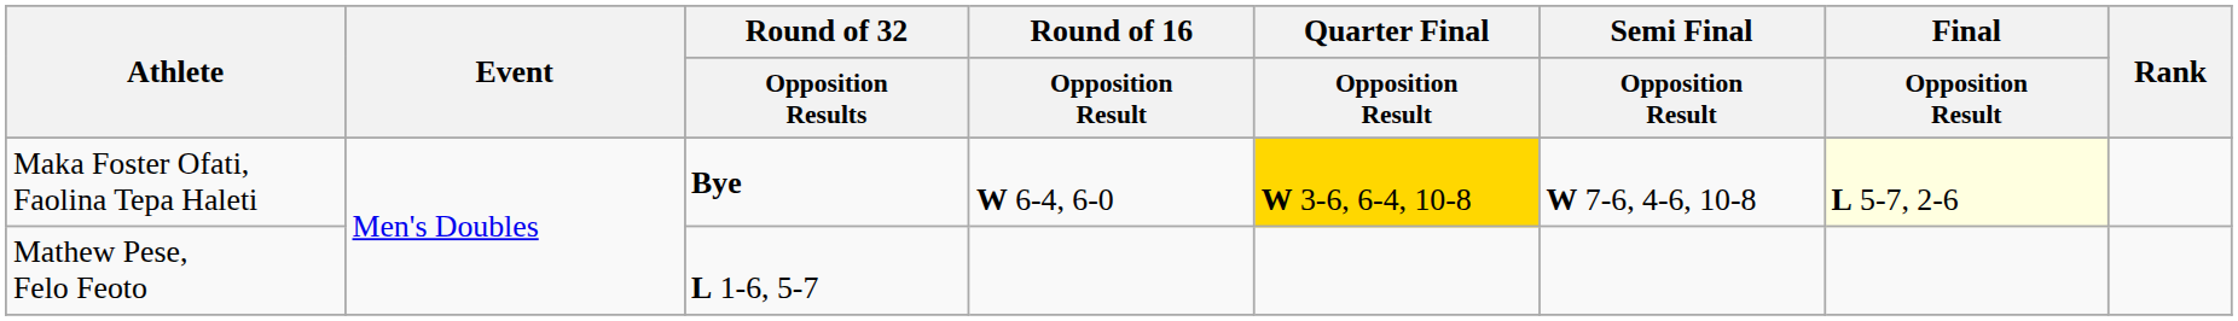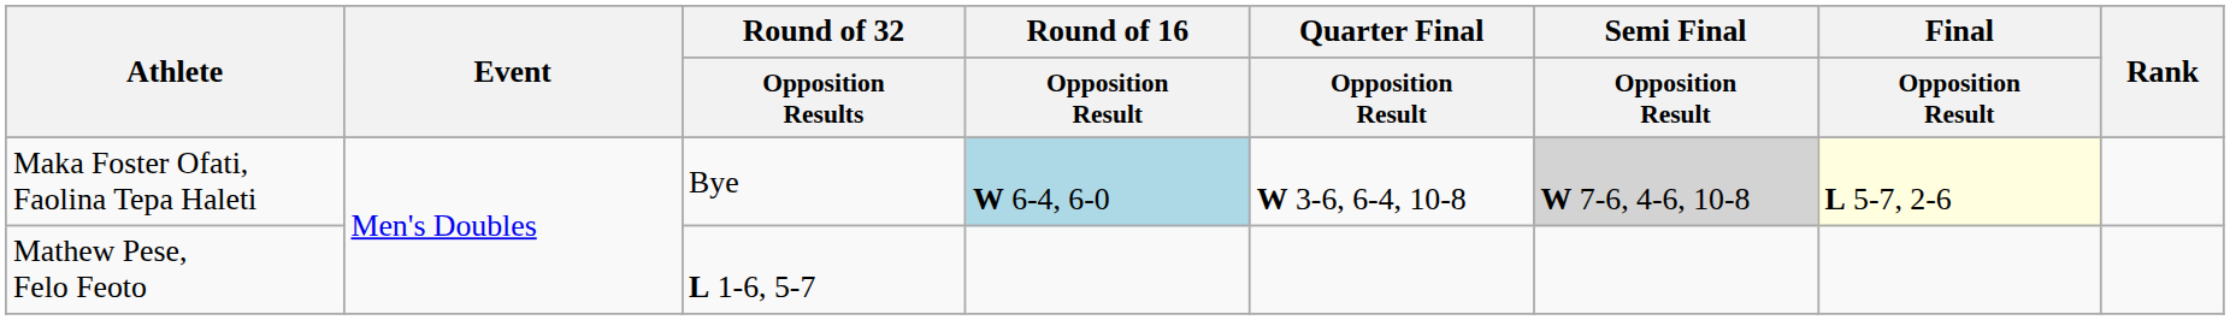 <table class=wikitable style="font-size:90%">
 <tr>
 <th rowspan="2" width=150>Athlete</th>
 <th rowspan="2" width=150>Event</th>
 <th width=125>Round of 32</th>
 <th width=125>Round of 16</th>
 <th width=125>Quarter Final</th>
 <th width=125>Semi Final</th>
 <th width=125>Final</th>
 <th rowspan="2" width=50>Rank</th>
 </tr>
 <tr>
 <th style="line-height:1em"><small>Opposition<br>Results</small></th>
 <th style="line-height:1em"><small>Opposition<br>Result</small></th>
 <th style="line-height:1em"><small>Opposition<br>Result</small></th>
 <th style="line-height:1em"><small>Opposition<br>Result</small></th>
 <th style="line-height:1em"><small>Opposition<br>Result</small></th>
 </tr>
 <tr>
 <td align=left>Maka Foster Ofati,<br>Faolina Tepa Haleti</td>
 <td rowspan=2><a href='#'>Men's Doubles</a></td>
-<td><strong>Bye</strong></td>
-<td><br> <strong>W</strong> 6-4, 6-0</td>
-<td style="background: gold;"><br> <strong>W</strong> 3-6, 6-4, 10-8</td>
-<td><br> <strong>W</strong> 7-6, 4-6, 10-8</td>
+<td>Bye</td>
+<td style="background: lightblue;"><br> <strong>W</strong> 6-4, 6-0</td>
+<td><br> <strong>W</strong> 3-6, 6-4, 10-8</td>
+<td style="background: lightgrey;"><br> <strong>W</strong> 7-6, 4-6, 10-8</td>
 <td style="background: lightyellow;"><br> <strong>L</strong> 5-7, 2-6</td>
 <td></td>
 </tr>
 <tr>
 <td>Mathew Pese,<br>Felo Feoto</td>
 <td><br> <strong>L</strong> 1-6, 5-7</td>
 <td></td>
 <td></td>
 <td></td>
 <td></td>
 </tr>
 </table>
